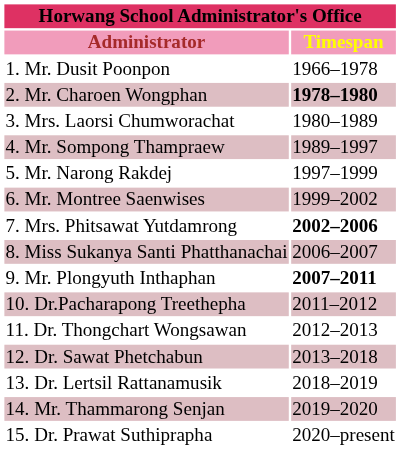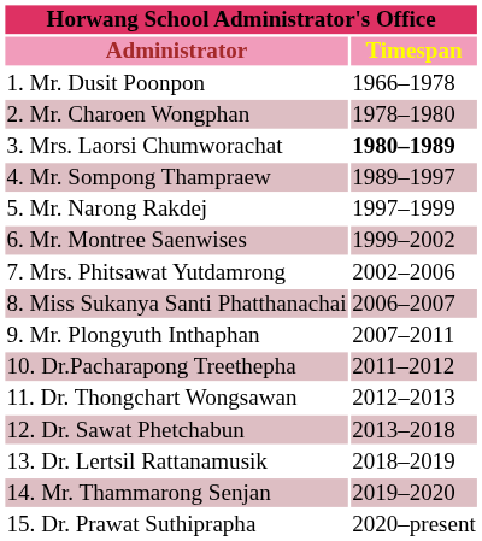 <table class="toccolours">
 <tr>
 <td colspan = "3" style="background: #DE3163 " align="center"><span><strong>Horwang School Administrator's Office</strong></span></td>
 </tr>
 <tr>
 <th style="background: #F19CBB; color:brown;">Administrator</th>
 <th style="background: #F19CBB; color:yellow;">Timespan</th>
 </tr>
 <tr>
 <td valign = "top">1. Mr. Dusit Poonpon</td>
 <td valign = "top">1966–1978</td>
 </tr>
 <tr>
 <td valign = "left" style="background: #DDBEC3">2. Mr. Charoen Wongphan</td>
-<td valign = "top" style="background: #DDBEC3"><strong>1978–1980</strong></td>
+<td valign = "top" style="background: #DDBEC3">1978–1980</td>
 </tr>
 <tr>
 <td valign = "top">3. Mrs. Laorsi Chumworachat</td>
-<td valign = "top">1980–1989</td>
+<td valign = "top"><strong>1980–1989</strong></td>
 </tr>
 <tr>
 <td valign = "left" style="background: #DDBEC3">4. Mr. Sompong Thampraew</td>
 <td valign = "top" style="background: #DDBEC3">1989–1997</td>
 </tr>
 <tr>
 <td valign = "top">5. Mr. Narong Rakdej</td>
 <td valign = "top">1997–1999</td>
 </tr>
 <tr>
 <td valign = "left" style="background: #DDBEC3">6. Mr. Montree Saenwises</td>
 <td valign = "top" style="background: #DDBEC3">1999–2002</td>
 </tr>
 <tr>
 <td valign = "top">7. Mrs. Phitsawat Yutdamrong</td>
-<td valign = "top"><strong>2002–2006</strong></td>
+<td valign = "top">2002–2006</td>
 </tr>
 <tr>
 <td valign = "left" style="background: #DDBEC3">8. Miss Sukanya Santi Phatthanachai</td>
 <td valign = "top" style="background: #DDBEC3">2006–2007</td>
 </tr>
 <tr>
 <td valign = "top">9. Mr. Plongyuth Inthaphan</td>
-<td valign = "top"><strong>2007–2011</strong></td>
+<td valign = "top">2007–2011</td>
 </tr>
 <tr>
 <td valign = "left" style="background: #DDBEC3">10. Dr.Pacharapong Treethepha</td>
 <td valign = "top" style="background: #DDBEC3">2011–2012</td>
 </tr>
 <tr>
 <td valign = "top">11. Dr. Thongchart Wongsawan</td>
 <td valign = "top">2012–2013</td>
 </tr>
 <tr>
 <td valign = "left" style="background: #DDBEC3">12. Dr. Sawat Phetchabun</td>
 <td valign = "top" style="background: #DDBEC3">2013–2018</td>
 </tr>
 <tr>
 <td valign="top">13. Dr. Lertsil Rattanamusik</td>
 <td valign="top">2018–2019</td>
 </tr>
 <tr>
 <td valign = "left" style="background: #DDBEC3">14. Mr. Thammarong Senjan</td>
 <td valign = "top" style="background: #DDBEC3">2019–2020</td>
 </tr>
 <tr>
 <td valign="top">15. Dr. Prawat Suthiprapha</td>
 <td valign="top">2020–present</td>
 </tr>
 </table>
